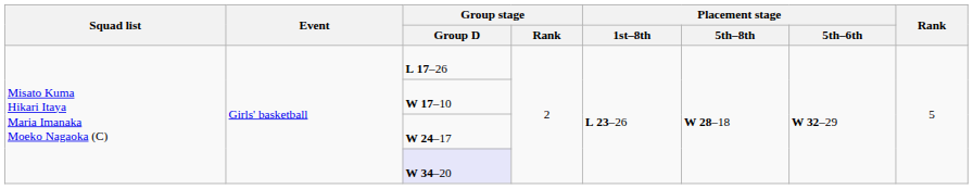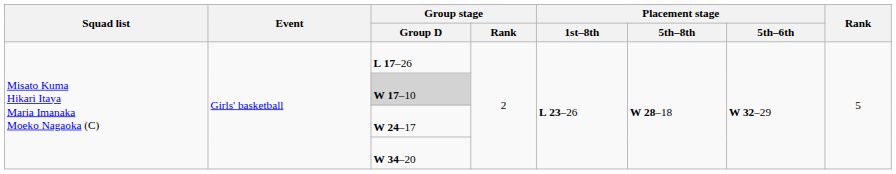 <table class="wikitable" width="90%" style="text-align:left; font-size:90%">
 <tr>
 <th rowspan="2">Squad list</th>
 <th rowspan="2">Event</th>
 <th colspan="2">Group stage</th>
 <th colspan="3">Placement stage</th>
 <th rowspan="2">Rank</th>
 </tr>
 <tr>
 <th>Group D</th>
 <th>Rank</th>
 <th>1st–8th</th>
 <th>5th–8th</th>
 <th>5th–6th</th>
 </tr>
 <tr>
 <td rowspan="4"><a href='#'>Misato Kuma</a><br><a href='#'>Hikari Itaya</a><br><a href='#'>Maria Imanaka</a><br><a href='#'>Moeko Nagaoka</a> (C)</td>
 <td rowspan="4"><a href='#'>Girls' basketball</a></td>
 <td><br> <strong>L</strong> <strong>17</strong>–26</td>
 <td rowspan="4" align=center>2</td>
 <td rowspan="4"> <br> <strong>L</strong> <strong>23</strong>–26</td>
 <td rowspan="4"> <br> <strong>W</strong> <strong>28</strong>–18</td>
 <td rowspan="4"> <br> <strong>W</strong> <strong>32</strong>–29</td>
 <td rowspan="4" align="center">5</td>
 </tr>
 <tr>
-<td><br> <strong>W</strong> <strong>17</strong>–10</td>
+<td style="background: lightgrey;"><br> <strong>W</strong> <strong>17</strong>–10</td>
 </tr>
 <tr>
 <td><br> <strong>W</strong> <strong>24</strong>–17</td>
 </tr>
 <tr>
-<td style="background: lavender;"><br> <strong>W</strong> <strong>34</strong>–20</td>
+<td><br> <strong>W</strong> <strong>34</strong>–20</td>
 </tr>
 </table>
